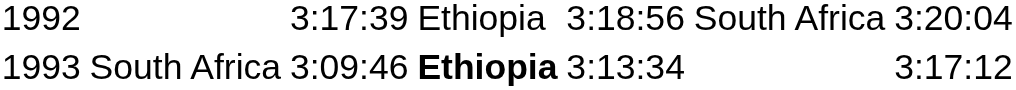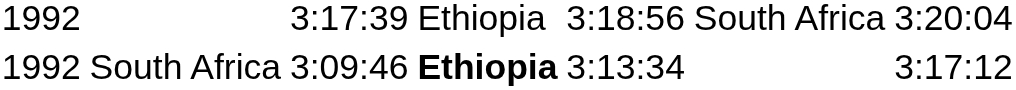 <table>
 <tr>
 <td>1992</td>
 <td></td>
 <td>3:17:39</td>
 <td> Ethiopia</td>
 <td>3:18:56</td>
 <td> South Africa</td>
 <td>3:20:04</td>
 </tr>
 <tr>
-<td>1993</td>
+<td>1992</td>
 <td> South Africa</td>
 <td>3:09:46</td>
 <td><strong> Ethiopia</strong></td>
 <td>3:13:34</td>
 <td></td>
 <td>3:17:12</td>
 </tr>
 </table>
